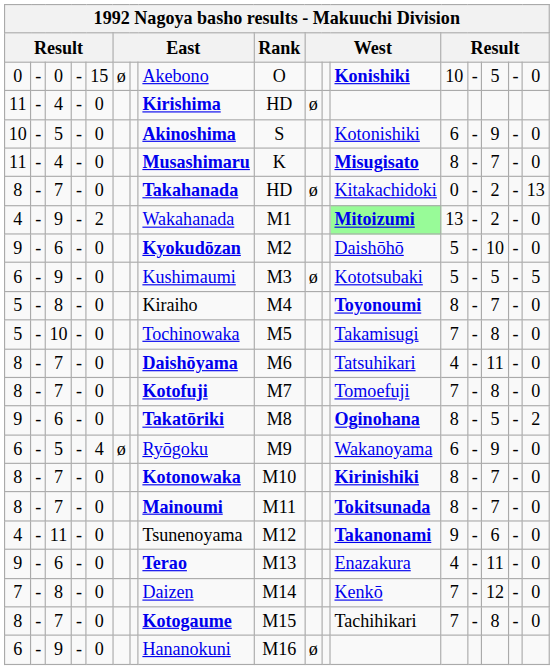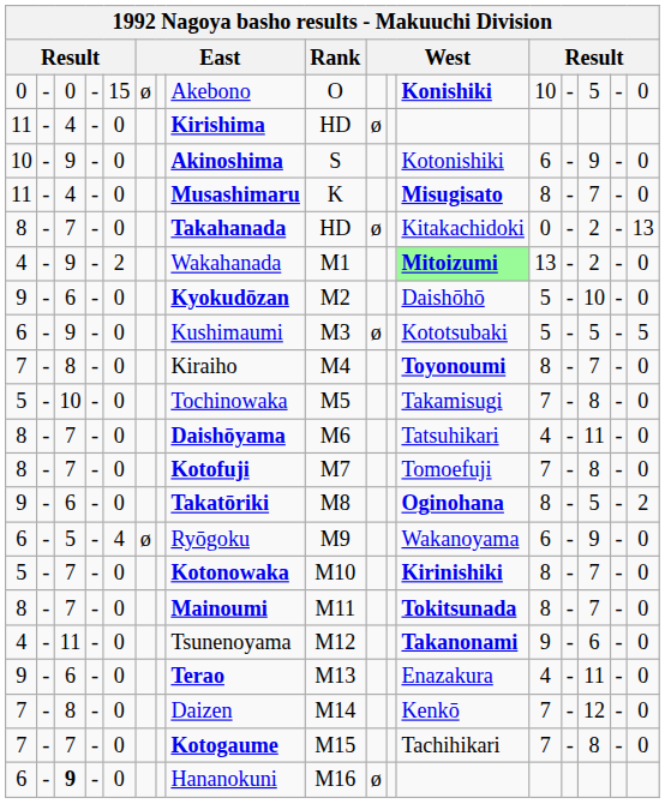 <table class="wikitable">
 <tr>
 <th colspan="17">1992 Nagoya basho results - Makuuchi Division</th>
 </tr>
 <tr>
 <th colspan="5">Result</th>
 <th colspan="3">East</th>
 <th>Rank</th>
 <th colspan="3">West</th>
 <th colspan="5">Result</th>
 </tr>
 <tr>
 <td align=center>0</td>
 <td align=center>-</td>
 <td align=center>0</td>
 <td align=center>-</td>
 <td align=center>15</td>
 <td align=center>ø</td>
 <td align=center></td>
 <td><a href='#'>Akebono</a></td>
 <td align=center>O</td>
 <td align=center></td>
 <td align=center></td>
 <td><strong><a href='#'>Konishiki</a></strong></td>
 <td align=center>10</td>
 <td align=center>-</td>
 <td align=center>5</td>
 <td align=center>-</td>
 <td align=center>0</td>
 </tr>
 <tr>
 <td align=center>11</td>
 <td align=center>-</td>
 <td align=center>4</td>
 <td align=center>-</td>
 <td align=center>0</td>
 <td align=center></td>
 <td align=center></td>
 <td><strong><a href='#'>Kirishima</a></strong></td>
 <td align=center>HD</td>
 <td align=center>ø</td>
 <td align=center></td>
 <td></td>
 <td align=center></td>
 <td align=center></td>
 <td align=center></td>
 <td align=center></td>
 <td align=center></td>
 </tr>
 <tr>
 <td align=center>10</td>
 <td align=center>-</td>
-<td align=center>5</td>
+<td align=center>9</td>
 <td align=center>-</td>
 <td align=center>0</td>
 <td align=center></td>
 <td align=center></td>
 <td><strong><a href='#'>Akinoshima</a></strong></td>
 <td align=center>S</td>
 <td align=center></td>
 <td align=center></td>
 <td><a href='#'>Kotonishiki</a></td>
 <td align=center>6</td>
 <td align=center>-</td>
 <td align=center>9</td>
 <td align=center>-</td>
 <td align=center>0</td>
 </tr>
 <tr>
 <td align=center>11</td>
 <td align=center>-</td>
 <td align=center>4</td>
 <td align=center>-</td>
 <td align=center>0</td>
 <td align=center></td>
 <td align=center></td>
 <td><strong><a href='#'>Musashimaru</a></strong></td>
 <td align=center>K</td>
 <td align=center></td>
 <td align=center></td>
 <td><strong><a href='#'>Misugisato</a></strong></td>
 <td align=center>8</td>
 <td align=center>-</td>
 <td align=center>7</td>
 <td align=center>-</td>
 <td align=center>0</td>
 </tr>
 <tr>
 <td align=center>8</td>
 <td align=center>-</td>
 <td align=center>7</td>
 <td align=center>-</td>
 <td align=center>0</td>
 <td align=center></td>
 <td align=center></td>
 <td><strong><a href='#'>Takahanada</a></strong></td>
 <td align=center>HD</td>
 <td align=center>ø</td>
 <td align=center></td>
 <td><a href='#'>Kitakachidoki</a></td>
 <td align=center>0</td>
 <td align=center>-</td>
 <td align=center>2</td>
 <td align=center>-</td>
 <td align=center>13</td>
 </tr>
 <tr>
 <td align=center>4</td>
 <td align=center>-</td>
 <td align=center>9</td>
 <td align=center>-</td>
 <td align=center>2</td>
 <td align=center></td>
 <td align=center></td>
 <td><a href='#'>Wakahanada</a></td>
 <td align=center>M1</td>
 <td align=center></td>
 <td align=center></td>
 <td style="background: PaleGreen;"><strong><a href='#'>Mitoizumi</a></strong></td>
 <td align=center>13</td>
 <td align=center>-</td>
 <td align=center>2</td>
 <td align=center>-</td>
 <td align=center>0</td>
 </tr>
 <tr>
 <td align=center>9</td>
 <td align=center>-</td>
 <td align=center>6</td>
 <td align=center>-</td>
 <td align=center>0</td>
 <td align=center></td>
 <td align=center></td>
 <td><strong><a href='#'>Kyokudōzan</a></strong></td>
 <td align=center>M2</td>
 <td align=center></td>
 <td align=center></td>
 <td><a href='#'>Daishōhō</a></td>
 <td align=center>5</td>
 <td align=center>-</td>
 <td align=center>10</td>
 <td align=center>-</td>
 <td align=center>0</td>
 </tr>
 <tr>
 <td align=center>6</td>
 <td align=center>-</td>
 <td align=center>9</td>
 <td align=center>-</td>
 <td align=center>0</td>
 <td align=center></td>
 <td align=center></td>
 <td><a href='#'>Kushimaumi</a></td>
 <td align=center>M3</td>
 <td align=center>ø</td>
 <td align=center></td>
 <td><a href='#'>Kototsubaki</a></td>
 <td align=center>5</td>
 <td align=center>-</td>
 <td align=center>5</td>
 <td align=center>-</td>
 <td align=center>5</td>
 </tr>
 <tr>
-<td align=center>5</td>
+<td align=center>7</td>
 <td align=center>-</td>
 <td align=center>8</td>
 <td align=center>-</td>
 <td align=center>0</td>
 <td align=center></td>
 <td align=center></td>
 <td>Kiraiho</td>
 <td align=center>M4</td>
 <td align=center></td>
 <td align=center></td>
 <td><strong><a href='#'>Toyonoumi</a></strong></td>
 <td align=center>8</td>
 <td align=center>-</td>
 <td align=center>7</td>
 <td align=center>-</td>
 <td align=center>0</td>
 </tr>
 <tr>
 <td align=center>5</td>
 <td align=center>-</td>
 <td align=center>10</td>
 <td align=center>-</td>
 <td align=center>0</td>
 <td align=center></td>
 <td align=center></td>
 <td><a href='#'>Tochinowaka</a></td>
 <td align=center>M5</td>
 <td align=center></td>
 <td align=center></td>
 <td><a href='#'>Takamisugi</a></td>
 <td align=center>7</td>
 <td align=center>-</td>
 <td align=center>8</td>
 <td align=center>-</td>
 <td align=center>0</td>
 </tr>
 <tr>
 <td align=center>8</td>
 <td align=center>-</td>
 <td align=center>7</td>
 <td align=center>-</td>
 <td align=center>0</td>
 <td align=center></td>
 <td align=center></td>
 <td><strong><a href='#'>Daishōyama</a></strong></td>
 <td align=center>M6</td>
 <td align=center></td>
 <td align=center></td>
 <td><a href='#'>Tatsuhikari</a></td>
 <td align=center>4</td>
 <td align=center>-</td>
 <td align=center>11</td>
 <td align=center>-</td>
 <td align=center>0</td>
 </tr>
 <tr>
 <td align=center>8</td>
 <td align=center>-</td>
 <td align=center>7</td>
 <td align=center>-</td>
 <td align=center>0</td>
 <td align=center></td>
 <td align=center></td>
 <td><strong><a href='#'>Kotofuji</a></strong></td>
 <td align=center>M7</td>
 <td align=center></td>
 <td align=center></td>
 <td><a href='#'>Tomoefuji</a></td>
 <td align=center>7</td>
 <td align=center>-</td>
 <td align=center>8</td>
 <td align=center>-</td>
 <td align=center>0</td>
 </tr>
 <tr>
 <td align=center>9</td>
 <td align=center>-</td>
 <td align=center>6</td>
 <td align=center>-</td>
 <td align=center>0</td>
 <td align=center></td>
 <td align=center></td>
 <td><strong><a href='#'>Takatōriki</a></strong></td>
 <td align=center>M8</td>
 <td align=center></td>
 <td align=center></td>
 <td><strong><a href='#'>Oginohana</a></strong></td>
 <td align=center>8</td>
 <td align=center>-</td>
 <td align=center>5</td>
 <td align=center>-</td>
 <td align=center>2</td>
 </tr>
 <tr>
 <td align=center>6</td>
 <td align=center>-</td>
 <td align=center>5</td>
 <td align=center>-</td>
 <td align=center>4</td>
 <td align=center>ø</td>
 <td align=center></td>
 <td><a href='#'>Ryōgoku</a></td>
 <td align=center>M9</td>
 <td align=center></td>
 <td align=center></td>
 <td><a href='#'>Wakanoyama</a></td>
 <td align=center>6</td>
 <td align=center>-</td>
 <td align=center>9</td>
 <td align=center>-</td>
 <td align=center>0</td>
 </tr>
 <tr>
-<td align=center>8</td>
+<td align=center>5</td>
 <td align=center>-</td>
 <td align=center>7</td>
 <td align=center>-</td>
 <td align=center>0</td>
 <td align=center></td>
 <td align=center></td>
 <td><strong><a href='#'>Kotonowaka</a></strong></td>
 <td align=center>M10</td>
 <td align=center></td>
 <td align=center></td>
 <td><strong><a href='#'>Kirinishiki</a></strong></td>
 <td align=center>8</td>
 <td align=center>-</td>
 <td align=center>7</td>
 <td align=center>-</td>
 <td align=center>0</td>
 </tr>
 <tr>
 <td align=center>8</td>
 <td align=center>-</td>
 <td align=center>7</td>
 <td align=center>-</td>
 <td align=center>0</td>
 <td align=center></td>
 <td align=center></td>
 <td><strong><a href='#'>Mainoumi</a></strong></td>
 <td align=center>M11</td>
 <td align=center></td>
 <td align=center></td>
 <td><strong><a href='#'>Tokitsunada</a></strong></td>
 <td align=center>8</td>
 <td align=center>-</td>
 <td align=center>7</td>
 <td align=center>-</td>
 <td align=center>0</td>
 </tr>
 <tr>
 <td align=center>4</td>
 <td align=center>-</td>
 <td align=center>11</td>
 <td align=center>-</td>
 <td align=center>0</td>
 <td align=center></td>
 <td align=center></td>
 <td>Tsunenoyama</td>
 <td align=center>M12</td>
 <td align=center></td>
 <td align=center></td>
 <td><strong><a href='#'>Takanonami</a></strong></td>
 <td align=center>9</td>
 <td align=center>-</td>
 <td align=center>6</td>
 <td align=center>-</td>
 <td align=center>0</td>
 </tr>
 <tr>
 <td align=center>9</td>
 <td align=center>-</td>
 <td align=center>6</td>
 <td align=center>-</td>
 <td align=center>0</td>
 <td align=center></td>
 <td align=center></td>
 <td><strong><a href='#'>Terao</a></strong></td>
 <td align=center>M13</td>
 <td align=center></td>
 <td align=center></td>
 <td><a href='#'>Enazakura</a></td>
 <td align=center>4</td>
 <td align=center>-</td>
 <td align=center>11</td>
 <td align=center>-</td>
 <td align=center>0</td>
 </tr>
 <tr>
 <td align=center>7</td>
 <td align=center>-</td>
 <td align=center>8</td>
 <td align=center>-</td>
 <td align=center>0</td>
 <td align=center></td>
 <td align=center></td>
 <td><a href='#'>Daizen</a></td>
 <td align=center>M14</td>
 <td align=center></td>
 <td align=center></td>
 <td><a href='#'>Kenkō</a></td>
 <td align=center>7</td>
 <td align=center>-</td>
 <td align=center>12</td>
 <td align=center>-</td>
 <td align=center>0</td>
 </tr>
 <tr>
-<td align=center>8</td>
+<td align=center>7</td>
 <td align=center>-</td>
 <td align=center>7</td>
 <td align=center>-</td>
 <td align=center>0</td>
 <td align=center></td>
 <td align=center></td>
 <td><strong><a href='#'>Kotogaume</a></strong></td>
 <td align=center>M15</td>
 <td align=center></td>
 <td align=center></td>
 <td>Tachihikari</td>
 <td align=center>7</td>
 <td align=center>-</td>
 <td align=center>8</td>
 <td align=center>-</td>
 <td align=center>0</td>
 </tr>
 <tr>
 <td align=center>6</td>
 <td align=center>-</td>
-<td align=center>9</td>
+<td align=center><strong>9</strong></td>
 <td align=center>-</td>
 <td align=center>0</td>
 <td align=center></td>
 <td align=center></td>
 <td><a href='#'>Hananokuni</a></td>
 <td align=center>M16</td>
 <td align=center>ø</td>
 <td align=center></td>
 <td></td>
 <td align=center></td>
 <td align=center></td>
 <td align=center></td>
 <td align=center></td>
 <td align=center></td>
 </tr>
 </table>
